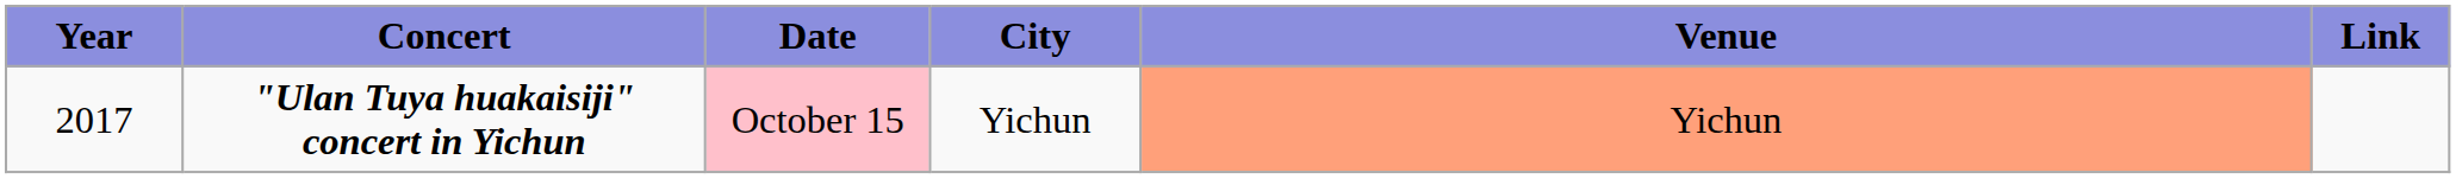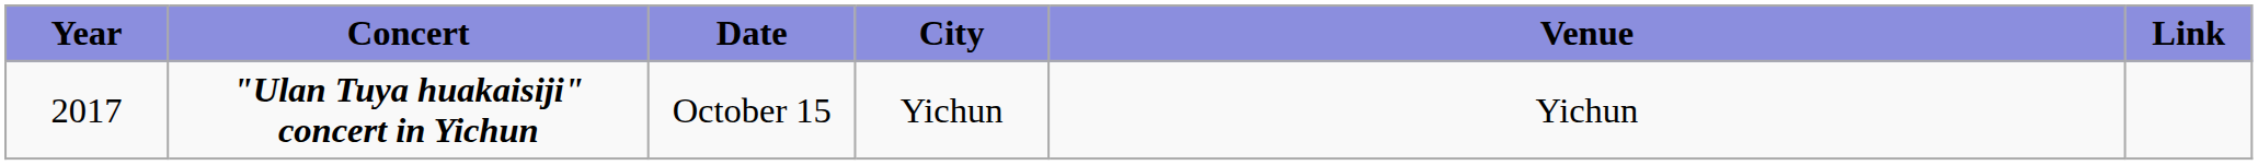 <table class="wikitable sortable mw-collapsible" width="80%" style="text-align:center">
 <tr align="center" style="background:#8B8EDE">
 <td style="width:2%"><strong>Year</strong></td>
 <td style="width:8%"><strong>Concert</strong></td>
 <td style="width:2%"><strong>Date</strong></td>
 <td style="width:2%"><strong>City</strong></td>
 <td style="width:18%"><strong>Venue</strong></td>
 <td style="width:1%"><strong>Link</strong></td>
 </tr>
 <tr>
 <td rowspan="2">2017</td>
 <td rowspan="2"><strong><em>"Ulan Tuya huakaisiji" concert in Yichun</em></strong></td>
-<td style="background: pink;">October 15</td>
+<td>October 15</td>
 <td>Yichun</td>
-<td style="background: lightsalmon;">Yichun</td>
+<td>Yichun</td>
 <td></td>
 </tr>
 </table>
